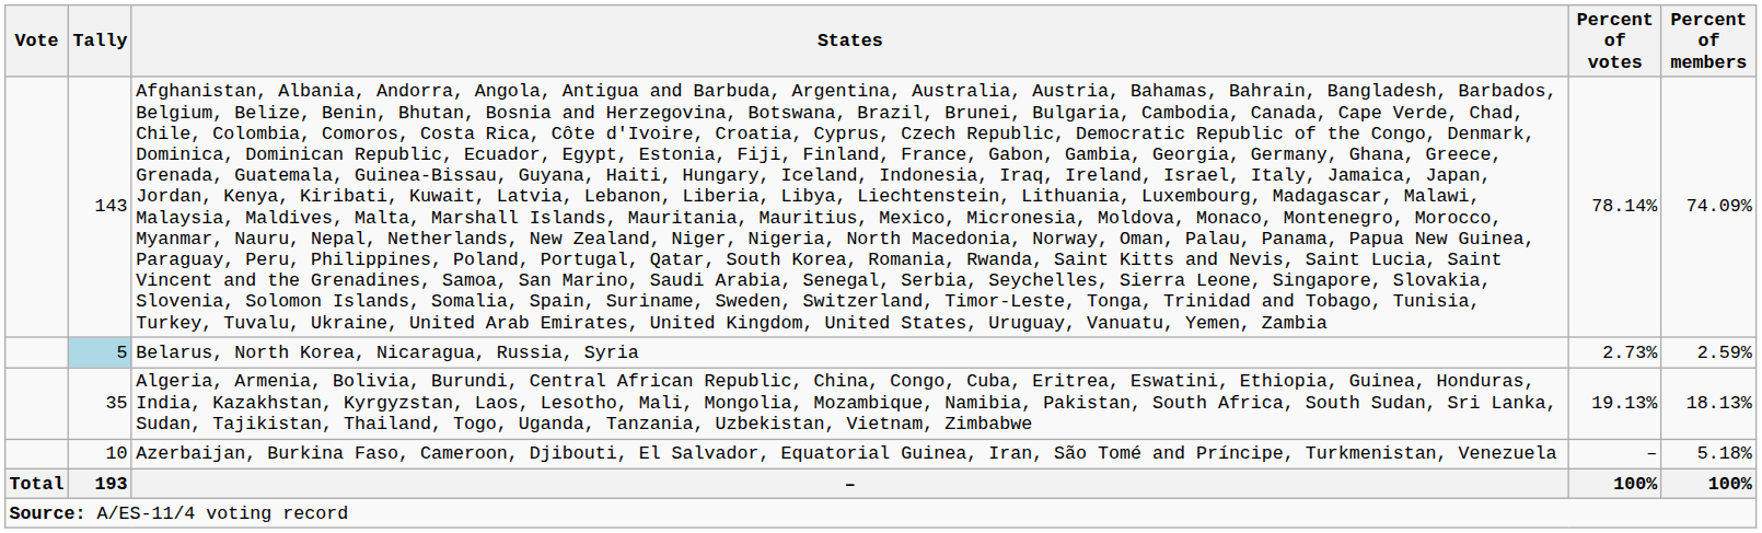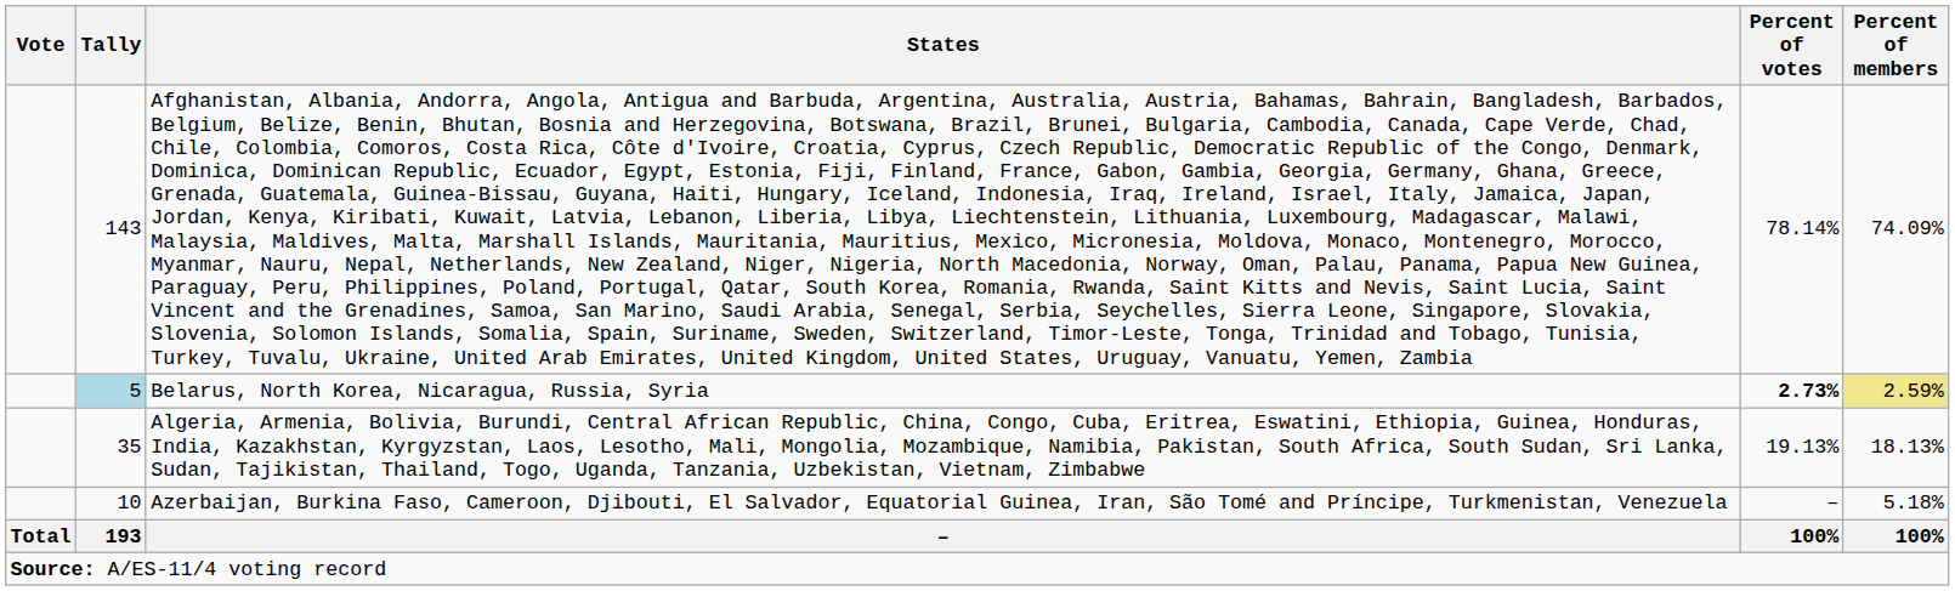 <table class="wikitable">
 <tr>
 <th scope="col">Vote</th>
 <th scope="col">Tally</th>
 <th scope="col">States</th>
 <th scope="col">Percent of votes</th>
 <th scope="col">Percent of members</th>
 </tr>
 <tr>
 <td></td>
 <td style="text-align: right">143</td>
 <td>Afghanistan, Albania, Andorra, Angola, Antigua and Barbuda, Argentina, Australia, Austria, Bahamas, Bahrain, Bangladesh, Barbados, Belgium, Belize, Benin, Bhutan, Bosnia and Herzegovina, Botswana, Brazil, Brunei, Bulgaria, Cambodia, Canada, Cape Verde, Chad, Chile, Colombia, Comoros, Costa Rica, Côte d'Ivoire, Croatia, Cyprus, Czech Republic, Democratic Republic of the Congo, Denmark, Dominica, Dominican Republic, Ecuador, Egypt, Estonia, Fiji, Finland, France, Gabon, Gambia, Georgia, Germany, Ghana, Greece, Grenada, Guatemala, Guinea-Bissau, Guyana, Haiti, Hungary, Iceland, Indonesia, Iraq, Ireland, Israel, Italy, Jamaica, Japan, Jordan, Kenya, Kiribati, Kuwait, Latvia, Lebanon, Liberia, Libya, Liechtenstein, Lithuania, Luxembourg, Madagascar, Malawi, Malaysia, Maldives, Malta, Marshall Islands, Mauritania, Mauritius, Mexico, Micronesia, Moldova, Monaco, Montenegro, Morocco, Myanmar, Nauru, Nepal, Netherlands, New Zealand, Niger, Nigeria, North Macedonia, Norway, Oman, Palau, Panama, Papua New Guinea, Paraguay, Peru, Philippines, Poland, Portugal, Qatar, South Korea, Romania, Rwanda, Saint Kitts and Nevis, Saint Lucia, Saint Vincent and the Grenadines, Samoa, San Marino, Saudi Arabia, Senegal, Serbia, Seychelles, Sierra Leone, Singapore, Slovakia, Slovenia, Solomon Islands, Somalia, Spain, Suriname, Sweden, Switzerland, Timor-Leste, Tonga, Trinidad and Tobago, Tunisia, Turkey, Tuvalu, Ukraine, United Arab Emirates, United Kingdom, United States, Uruguay, Vanuatu, Yemen, Zambia</td>
 <td style="text-align: right">78.14%</td>
 <td style="text-align: right">74.09%</td>
 </tr>
 <tr>
 <td></td>
 <td style="background: lightblue; text-align: right">5</td>
 <td>Belarus, North Korea, Nicaragua, Russia, Syria</td>
-<td style="text-align: right">2.73%</td>
-<td style="text-align: right">2.59%</td>
+<td style="text-align: right"><strong>2.73%</strong></td>
+<td style="background: khaki; text-align: right">2.59%</td>
 </tr>
 <tr>
 <td></td>
 <td style="text-align: right">35</td>
 <td>Algeria, Armenia, Bolivia, Burundi, Central African Republic, China, Congo, Cuba, Eritrea, Eswatini, Ethiopia, Guinea, Honduras, India, Kazakhstan, Kyrgyzstan, Laos, Lesotho, Mali, Mongolia, Mozambique, Namibia, Pakistan, South Africa, South Sudan, Sri Lanka, Sudan, Tajikistan, Thailand, Togo, Uganda, Tanzania, Uzbekistan, Vietnam, Zimbabwe</td>
 <td style="text-align: right">19.13%</td>
 <td style="text-align: right">18.13%</td>
 </tr>
 <tr>
 <td></td>
 <td style="text-align: right">10</td>
 <td>Azerbaijan, Burkina Faso, Cameroon, Djibouti, El Salvador, Equatorial Guinea, Iran, São Tomé and Príncipe, Turkmenistan, Venezuela</td>
 <td style="text-align: right">–</td>
 <td style="text-align: right">5.18%</td>
 </tr>
 <tr>
 <th style="text-align: left">Total</th>
 <th style="text-align: right">193</th>
 <th>–</th>
 <th style="text-align: right">100%</th>
 <th style="text-align: right">100%</th>
 </tr>
 <tr>
 <td colspan="5"><strong>Source:</strong> A/ES-11/4 voting record</td>
 </tr>
 </table>
